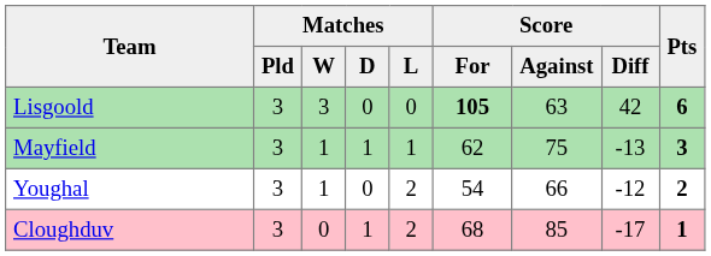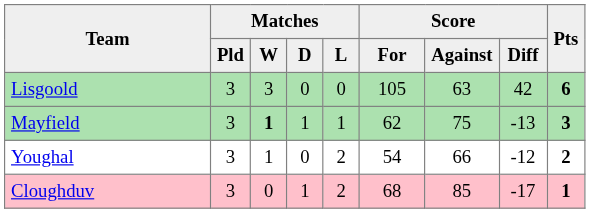 <table style=border-collapse:collapse border=1 cellspacing=0 cellpadding=5>
 <tr align=center bgcolor=#efefef>
 <th rowspan=2 width=165>Team</th>
 <th colspan=4>Matches</th>
 <th colspan=3>Score</th>
 <th rowspan=2width=20>Pts</th>
 </tr>
 <tr align=center bgcolor=#efefef>
 <th width=20>Pld</th>
 <th width=20>W</th>
 <th width=20>D</th>
 <th width=20>L</th>
 <th width=45>For</th>
 <th width=45>Against</th>
 <th width=30>Diff</th>
 </tr>
 <tr align=center style="background:#ACE1AF;">
 <td style="text-align:left;"><a href='#'>Lisgoold</a></td>
 <td>3</td>
 <td>3</td>
 <td>0</td>
 <td>0</td>
-<td><strong>105</strong></td>
+<td>105</td>
 <td>63</td>
 <td>42</td>
 <td><strong>6</strong></td>
 </tr>
 <tr align=center style="background:#ACE1AF;">
 <td style="text-align:left;"><a href='#'>Mayfield</a></td>
 <td>3</td>
-<td>1</td>
+<td><strong>1</strong></td>
 <td>1</td>
 <td>1</td>
 <td>62</td>
 <td>75</td>
 <td>-13</td>
 <td><strong>3</strong></td>
 </tr>
 <tr align=center>
 <td style="text-align:left;"><a href='#'>Youghal</a></td>
 <td>3</td>
 <td>1</td>
 <td>0</td>
 <td>2</td>
 <td>54</td>
 <td>66</td>
 <td>-12</td>
 <td><strong>2</strong></td>
 </tr>
 <tr align=center style="background:#FFC0CB;">
 <td style="text-align:left;"><a href='#'>Cloughduv</a></td>
 <td>3</td>
 <td>0</td>
 <td>1</td>
 <td>2</td>
 <td>68</td>
 <td>85</td>
 <td>-17</td>
 <td><strong>1</strong></td>
 </tr>
 </table>
